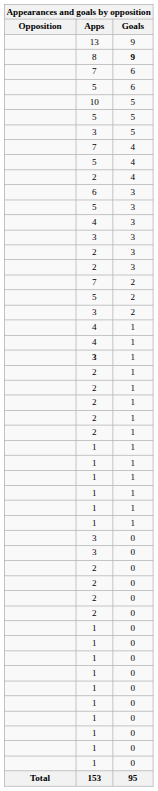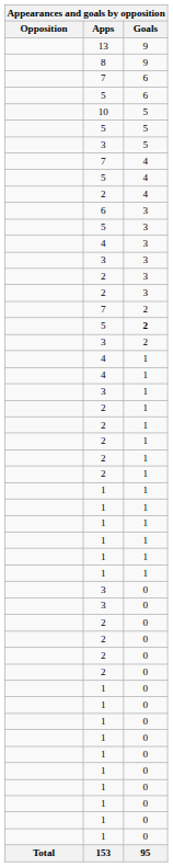 <table class="wikitable sortable" style="font-size:85%; text-align:center;">
 <tr>
 <th colspan=3>Appearances and goals by opposition</th>
 </tr>
 <tr>
 <th scope="col">Opposition</th>
 <th scope="col">Apps</th>
 <th scope="col">Goals</th>
 </tr>
 <tr>
 <td style="text-align:left" scope=row></td>
 <td>13</td>
 <td>9</td>
 </tr>
 <tr>
 <td style="text-align:left" scope=row></td>
 <td>8</td>
-<td><strong>9</strong></td>
+<td>9</td>
 </tr>
 <tr>
 <td style="text-align:left" scope=row></td>
 <td>7</td>
 <td>6</td>
 </tr>
 <tr>
 <td style="text-align:left" scope=row></td>
 <td>5</td>
 <td>6</td>
 </tr>
 <tr>
 <td style="text-align:left" scope=row></td>
 <td>10</td>
 <td>5</td>
 </tr>
 <tr>
 <td style="text-align:left" scope=row></td>
 <td>5</td>
 <td>5</td>
 </tr>
 <tr>
 <td style="text-align:left" scope=row></td>
 <td>3</td>
 <td>5</td>
 </tr>
 <tr>
 <td style="text-align:left" scope=row></td>
 <td>7</td>
 <td>4</td>
 </tr>
 <tr>
 <td style="text-align:left" scope=row></td>
 <td>5</td>
 <td>4</td>
 </tr>
 <tr>
 <td style="text-align:left" scope=row></td>
 <td>2</td>
 <td>4</td>
 </tr>
 <tr>
 <td style="text-align:left" scope=row></td>
 <td>6</td>
 <td>3</td>
 </tr>
 <tr>
 <td style="text-align:left" scope=row></td>
 <td>5</td>
 <td>3</td>
 </tr>
 <tr>
 <td style="text-align:left" scope=row></td>
 <td>4</td>
 <td>3</td>
 </tr>
 <tr>
 <td style="text-align:left" scope=row></td>
 <td>3</td>
 <td>3</td>
 </tr>
 <tr>
 <td style="text-align:left" scope=row></td>
 <td>2</td>
 <td>3</td>
 </tr>
 <tr>
 <td style="text-align:left" scope=row></td>
 <td>2</td>
 <td>3</td>
 </tr>
 <tr>
 <td style="text-align:left" scope=row></td>
 <td>7</td>
 <td>2</td>
 </tr>
 <tr>
 <td style="text-align:left" scope=row></td>
 <td>5</td>
-<td>2</td>
+<td><strong>2</strong></td>
 </tr>
 <tr>
 <td style="text-align:left" scope=row></td>
 <td>3</td>
 <td>2</td>
 </tr>
 <tr>
 <td style="text-align:left" scope=row></td>
 <td>4</td>
 <td>1</td>
 </tr>
 <tr>
 <td style="text-align:left" scope=row></td>
 <td>4</td>
 <td>1</td>
 </tr>
 <tr>
 <td style="text-align:left" scope=row></td>
-<td><strong>3</strong></td>
+<td>3</td>
 <td>1</td>
 </tr>
 <tr>
 <td style="text-align:left" scope=row></td>
 <td>2</td>
 <td>1</td>
 </tr>
 <tr>
 <td style="text-align:left" scope=row></td>
 <td>2</td>
 <td>1</td>
 </tr>
 <tr>
 <td style="text-align:left" scope=row></td>
 <td>2</td>
 <td>1</td>
 </tr>
 <tr>
 <td style="text-align:left" scope=row></td>
 <td>2</td>
 <td>1</td>
 </tr>
 <tr>
 <td style="text-align:left" scope=row></td>
 <td>2</td>
 <td>1</td>
 </tr>
 <tr>
 <td style="text-align:left" scope=row></td>
 <td>1</td>
 <td>1</td>
 </tr>
 <tr>
 <td style="text-align:left" scope=row></td>
 <td>1</td>
 <td>1</td>
 </tr>
 <tr>
 <td style="text-align:left" scope=row></td>
 <td>1</td>
 <td>1</td>
 </tr>
 <tr>
 <td style="text-align:left" scope=row></td>
 <td>1</td>
 <td>1</td>
 </tr>
 <tr>
 <td style="text-align:left" scope=row></td>
 <td>1</td>
 <td>1</td>
 </tr>
 <tr>
 <td style="text-align:left" scope=row></td>
 <td>1</td>
 <td>1</td>
 </tr>
 <tr>
 <td style="text-align:left" scope=row></td>
 <td>3</td>
 <td>0</td>
 </tr>
 <tr>
 <td style="text-align:left" scope=row></td>
 <td>3</td>
 <td>0</td>
 </tr>
 <tr>
 <td style="text-align:left" scope=row></td>
 <td>2</td>
 <td>0</td>
 </tr>
 <tr>
 <td style="text-align:left" scope=row></td>
 <td>2</td>
 <td>0</td>
 </tr>
 <tr>
 <td style="text-align:left" scope=row></td>
 <td>2</td>
 <td>0</td>
 </tr>
 <tr>
 <td style="text-align:left" scope=row></td>
 <td>2</td>
 <td>0</td>
 </tr>
 <tr>
 <td style="text-align:left" scope=row></td>
 <td>1</td>
 <td>0</td>
 </tr>
 <tr>
 <td style="text-align:left" scope=row></td>
 <td>1</td>
 <td>0</td>
 </tr>
 <tr>
 <td style="text-align:left" scope=row></td>
 <td>1</td>
 <td>0</td>
 </tr>
 <tr>
 <td style="text-align:left" scope=row></td>
 <td>1</td>
 <td>0</td>
 </tr>
 <tr>
 <td style="text-align:left" scope=row></td>
 <td>1</td>
 <td>0</td>
 </tr>
 <tr>
 <td style="text-align:left" scope=row></td>
 <td>1</td>
 <td>0</td>
 </tr>
 <tr>
 <td style="text-align:left" scope=row></td>
 <td>1</td>
 <td>0</td>
 </tr>
 <tr>
 <td style="text-align:left" scope=row></td>
 <td>1</td>
 <td>0</td>
 </tr>
 <tr>
 <td style="text-align:left" scope=row></td>
 <td>1</td>
 <td>0</td>
 </tr>
 <tr>
 <td style="text-align:left" scope=row></td>
 <td>1</td>
 <td>0</td>
 </tr>
 <tr>
 <th scope=row>Total</th>
 <th>153</th>
 <th>95</th>
 </tr>
 </table>
